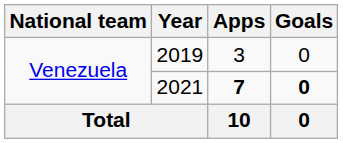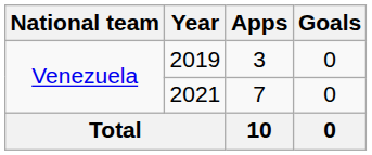 <table class="wikitable" style="text-align: center;">
 <tr>
 <th>National team</th>
 <th>Year</th>
 <th>Apps</th>
 <th>Goals</th>
 </tr>
 <tr>
 <td rowspan="2" valign="center"><a href='#'>Venezuela</a></td>
 <td>2019</td>
 <td>3</td>
 <td>0</td>
 </tr>
 <tr>
 <td>2021</td>
-<td><strong>7</strong></td>
-<td><strong>0</strong></td>
+<td>7</td>
+<td>0</td>
 </tr>
 <tr>
 <th colspan="2">Total</th>
 <th>10</th>
 <th>0</th>
 </tr>
 </table>
